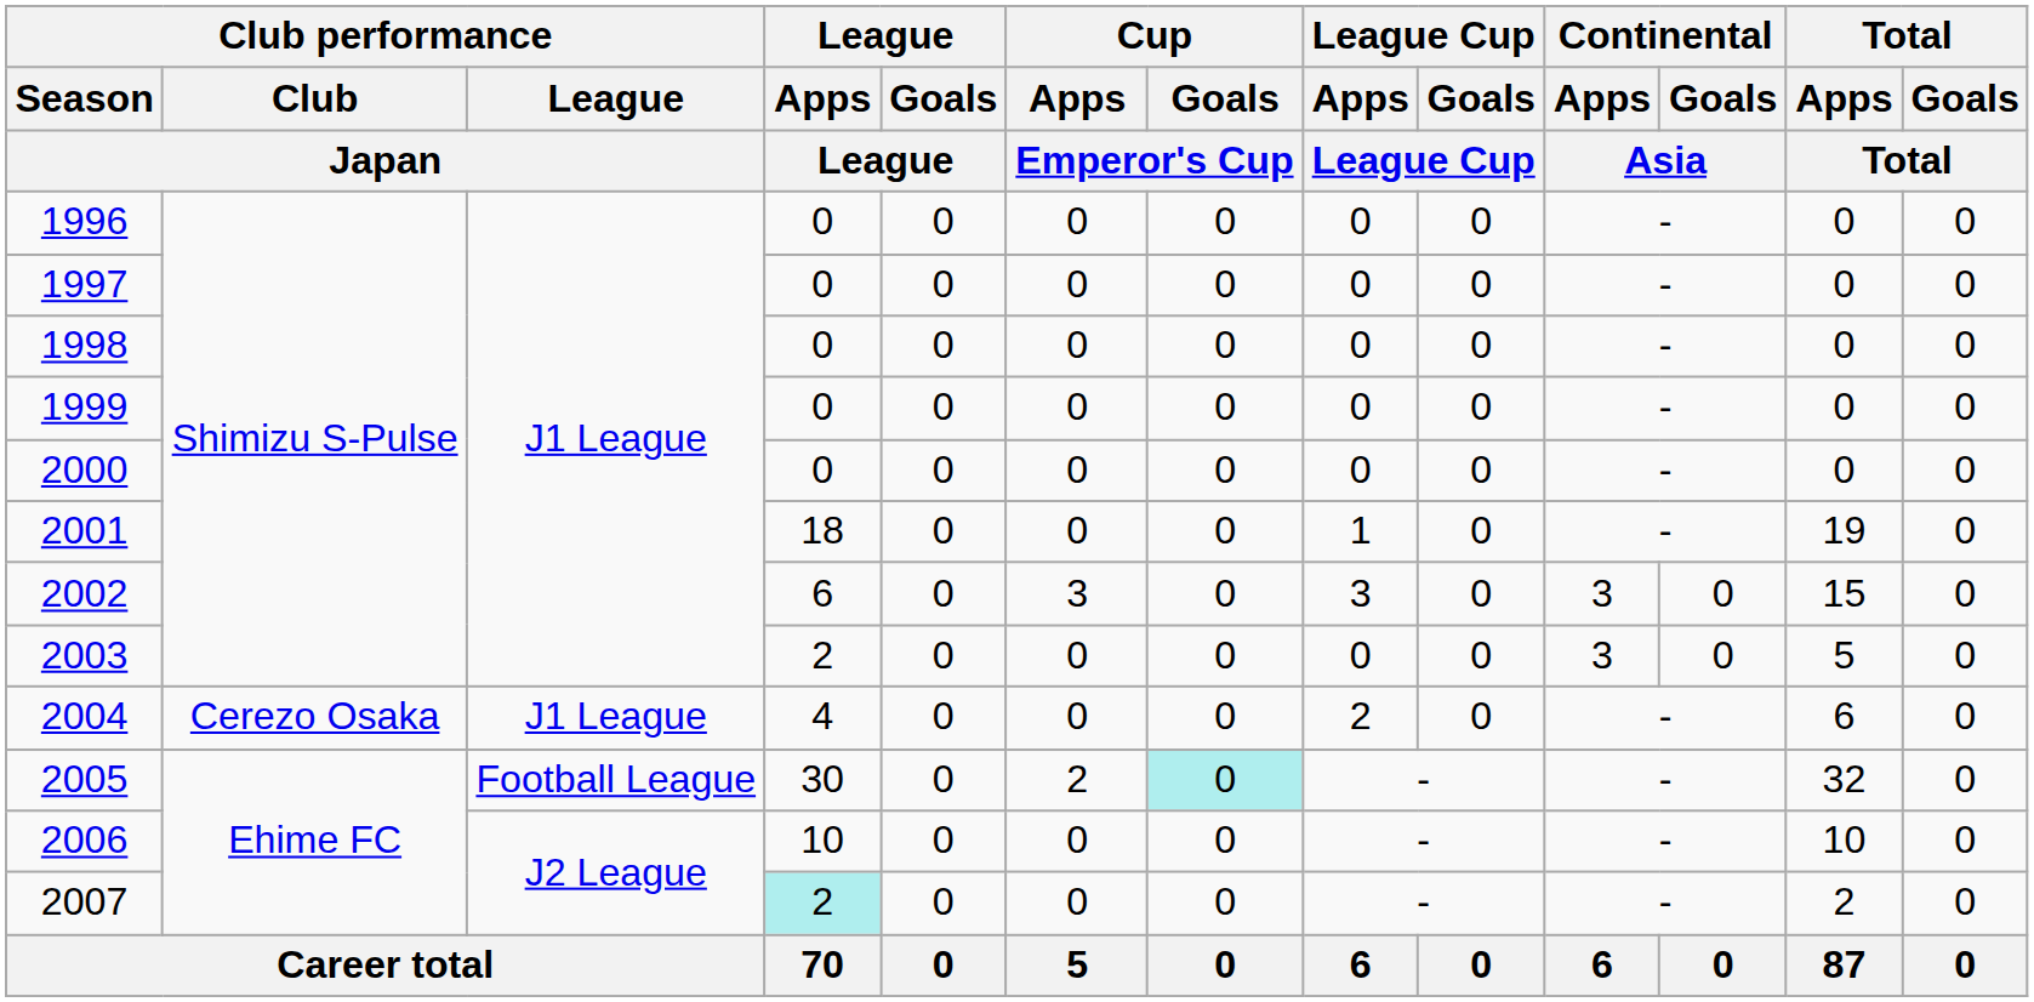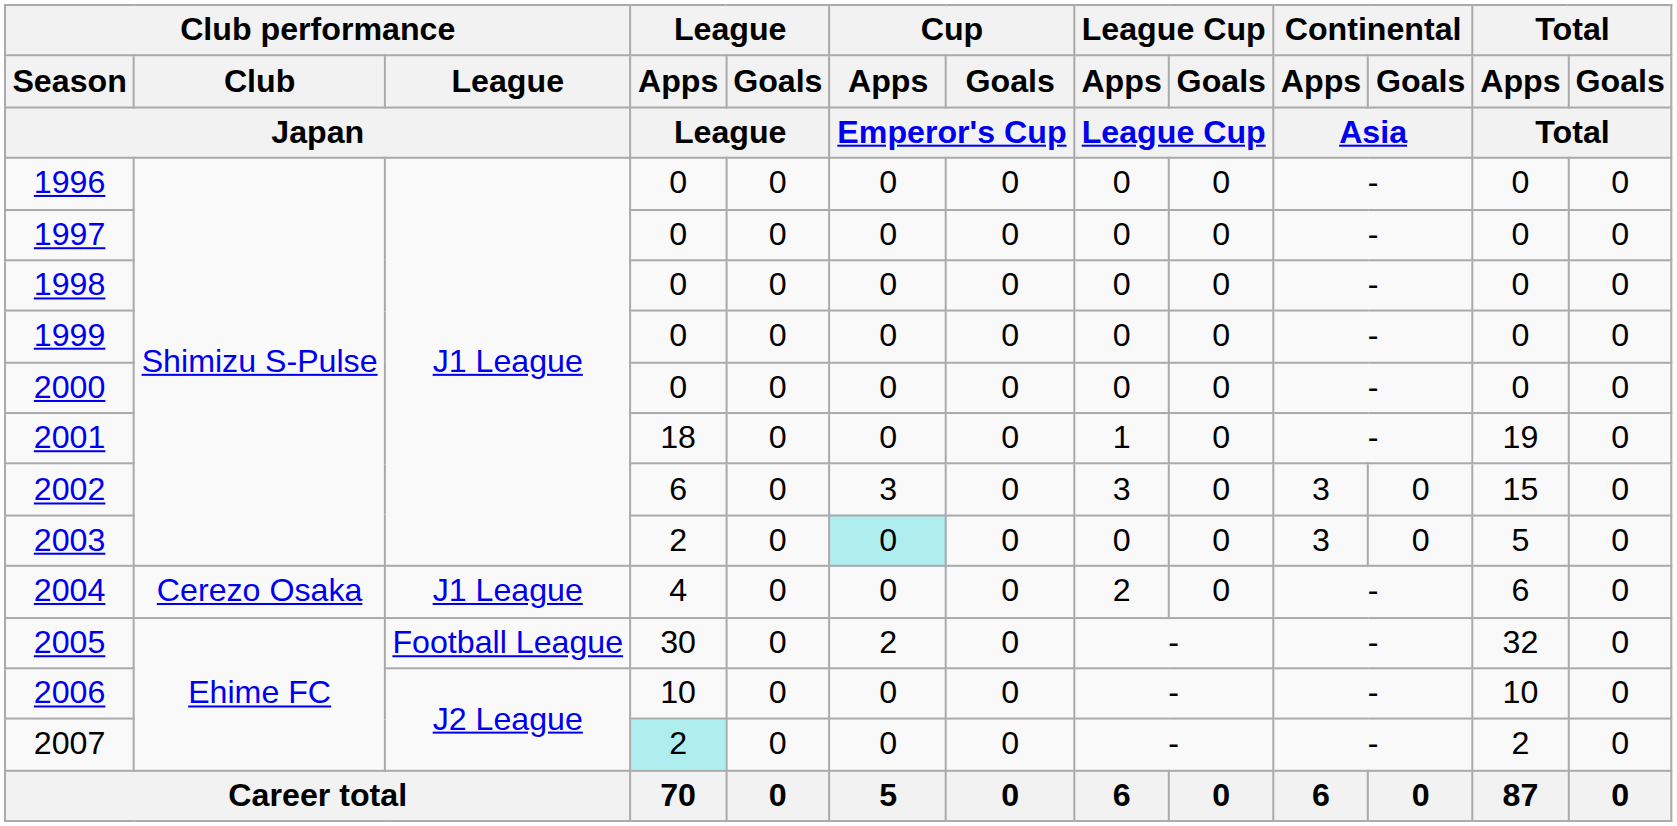 <table class="wikitable" style="text-align:center">
 <tr>
 <th colspan=3>Club performance</th>
 <th colspan=2>League</th>
 <th colspan=2>Cup</th>
 <th colspan=2>League Cup</th>
 <th colspan=2>Continental</th>
 <th colspan=2>Total</th>
 </tr>
 <tr>
 <th>Season</th>
 <th>Club</th>
 <th>League</th>
 <th>Apps</th>
 <th>Goals</th>
 <th>Apps</th>
 <th>Goals</th>
 <th>Apps</th>
 <th>Goals</th>
 <th>Apps</th>
 <th>Goals</th>
 <th>Apps</th>
 <th>Goals</th>
 </tr>
 <tr>
 <th colspan=3>Japan</th>
 <th colspan=2>League</th>
 <th colspan=2><a href='#'>Emperor's Cup</a></th>
 <th colspan=2><a href='#'>League Cup</a></th>
 <th colspan=2><a href='#'>Asia</a></th>
 <th colspan=2>Total</th>
 </tr>
 <tr>
 <td><a href='#'>1996</a></td>
 <td rowspan="8"><a href='#'>Shimizu S-Pulse</a></td>
 <td rowspan="8"><a href='#'>J1 League</a></td>
 <td>0</td>
 <td>0</td>
 <td>0</td>
 <td>0</td>
 <td>0</td>
 <td>0</td>
 <td colspan="2">-</td>
 <td>0</td>
 <td>0</td>
 </tr>
 <tr>
 <td><a href='#'>1997</a></td>
 <td>0</td>
 <td>0</td>
 <td>0</td>
 <td>0</td>
 <td>0</td>
 <td>0</td>
 <td colspan="2">-</td>
 <td>0</td>
 <td>0</td>
 </tr>
 <tr>
 <td><a href='#'>1998</a></td>
 <td>0</td>
 <td>0</td>
 <td>0</td>
 <td>0</td>
 <td>0</td>
 <td>0</td>
 <td colspan="2">-</td>
 <td>0</td>
 <td>0</td>
 </tr>
 <tr>
 <td><a href='#'>1999</a></td>
 <td>0</td>
 <td>0</td>
 <td>0</td>
 <td>0</td>
 <td>0</td>
 <td>0</td>
 <td colspan="2">-</td>
 <td>0</td>
 <td>0</td>
 </tr>
 <tr>
 <td><a href='#'>2000</a></td>
 <td>0</td>
 <td>0</td>
 <td>0</td>
 <td>0</td>
 <td>0</td>
 <td>0</td>
 <td colspan="2">-</td>
 <td>0</td>
 <td>0</td>
 </tr>
 <tr>
 <td><a href='#'>2001</a></td>
 <td>18</td>
 <td>0</td>
 <td>0</td>
 <td>0</td>
 <td>1</td>
 <td>0</td>
 <td colspan="2">-</td>
 <td>19</td>
 <td>0</td>
 </tr>
 <tr>
 <td><a href='#'>2002</a></td>
 <td>6</td>
 <td>0</td>
 <td>3</td>
 <td>0</td>
 <td>3</td>
 <td>0</td>
 <td>3</td>
 <td>0</td>
 <td>15</td>
 <td>0</td>
 </tr>
 <tr>
 <td><a href='#'>2003</a></td>
 <td>2</td>
 <td>0</td>
-<td>0</td>
+<td style="background: paleturquoise;">0</td>
 <td>0</td>
 <td>0</td>
 <td>0</td>
 <td>3</td>
 <td>0</td>
 <td>5</td>
 <td>0</td>
 </tr>
 <tr>
 <td><a href='#'>2004</a></td>
 <td><a href='#'>Cerezo Osaka</a></td>
 <td><a href='#'>J1 League</a></td>
 <td>4</td>
 <td>0</td>
 <td>0</td>
 <td>0</td>
 <td>2</td>
 <td>0</td>
 <td colspan="2">-</td>
 <td>6</td>
 <td>0</td>
 </tr>
 <tr>
 <td><a href='#'>2005</a></td>
 <td rowspan="3"><a href='#'>Ehime FC</a></td>
 <td><a href='#'>Football League</a></td>
 <td>30</td>
 <td>0</td>
 <td>2</td>
-<td style="background: paleturquoise;">0</td>
+<td>0</td>
 <td colspan="2">-</td>
 <td colspan="2">-</td>
 <td>32</td>
 <td>0</td>
 </tr>
 <tr>
 <td><a href='#'>2006</a></td>
 <td rowspan="2"><a href='#'>J2 League</a></td>
 <td>10</td>
 <td>0</td>
 <td>0</td>
 <td>0</td>
 <td colspan="2">-</td>
 <td colspan="2">-</td>
 <td>10</td>
 <td>0</td>
 </tr>
 <tr>
 <td>2007</td>
 <td style="background: paleturquoise;">2</td>
 <td>0</td>
 <td>0</td>
 <td>0</td>
 <td colspan="2">-</td>
 <td colspan="2">-</td>
 <td>2</td>
 <td>0</td>
 </tr>
 <tr>
 <th colspan=3>Career total</th>
 <th>70</th>
 <th>0</th>
 <th>5</th>
 <th>0</th>
 <th>6</th>
 <th>0</th>
 <th>6</th>
 <th>0</th>
 <th>87</th>
 <th>0</th>
 </tr>
 </table>
